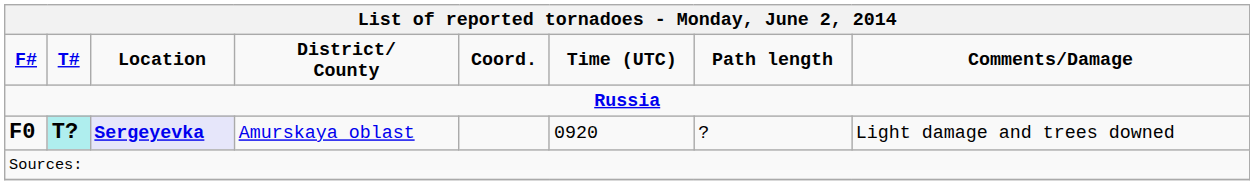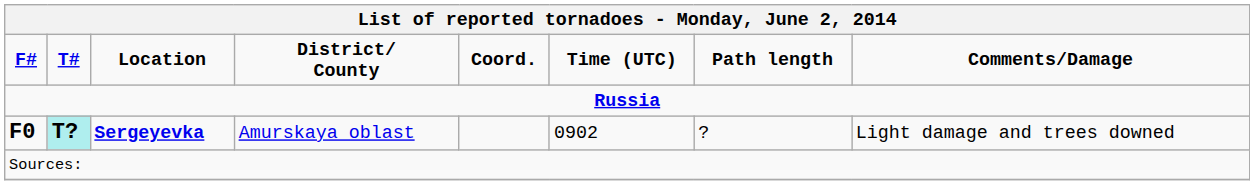 <table class="wikitable collapsible" width="100%">
 <tr>
 <th colspan="8">List of reported tornadoes - Monday, June 2, 2014</th>
 </tr>
 <tr>
 <td style="text-align: center;"><strong><a href='#'>F#</a></strong></td>
 <td style="text-align: center;"><strong><a href='#'>T#</a></strong></td>
 <td style="text-align: center;"><strong>Location</strong></td>
 <td style="text-align: center;"><strong>District/<br>County</strong></td>
 <td style="text-align: center;"><strong>Coord.</strong></td>
 <td style="text-align: center;"><strong>Time (UTC)</strong></td>
 <td style="text-align: center;"><strong>Path length</strong></td>
 <td style="text-align: center;"><strong>Comments/Damage</strong></td>
 </tr>
 <tr>
 <td colspan="8" align=center><strong><a href='#'>Russia</a></strong></td>
 </tr>
 <tr>
 <td><big><strong>F0</strong></big></td>
 <td style="background: paleturquoise;"><big><strong>T?</strong></big></td>
-<td style="background: lavender;"><strong><a href='#'>Sergeyevka</a></strong></td>
+<td><strong><a href='#'>Sergeyevka</a></strong></td>
 <td><a href='#'>Amurskaya oblast</a></td>
 <td></td>
-<td>0920</td>
+<td>0902</td>
 <td>?</td>
 <td>Light damage and trees downed</td>
 </tr>
 <tr>
 <td colspan="8"><small>Sources:</small></td>
 </tr>
 <tr>
 </tr>
 </table>
